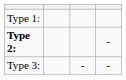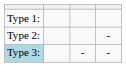 <table class="wikitable">
 <tr>
 <th width="50"></th>
 <th width="30"></th>
 <th width="30"></th>
 <th width="30"></th>
 </tr>
 <tr>
 <td>Type 1:</td>
 <td align='center'></td>
 <td align='center'></td>
 <td align='center'></td>
 </tr>
 <tr>
-<td><strong>Type 2:</strong></td>
+<td>Type 2:</td>
 <td align='center'></td>
 <td align='center'></td>
 <td align='center'>-</td>
 </tr>
 <tr>
-<td>Type 3:</td>
+<td style="background: lightblue;">Type 3:</td>
 <td align='center'></td>
 <td align='center'>-</td>
 <td align='center'>-</td>
 </tr>
 </table>
